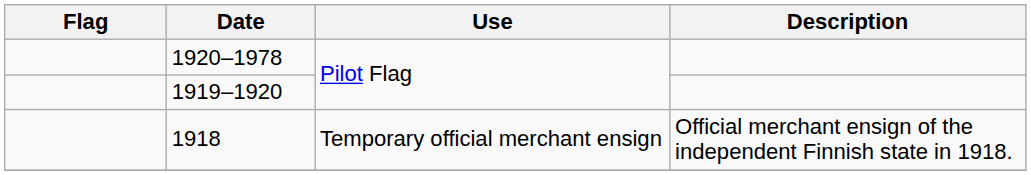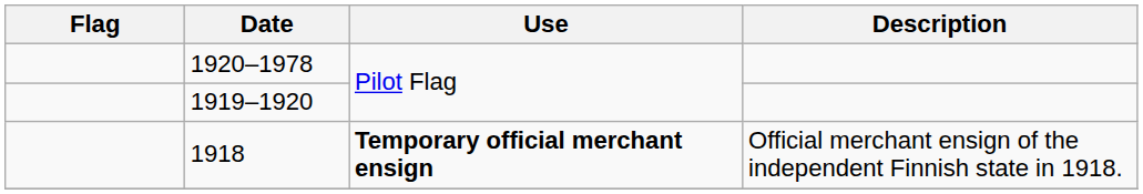 <table class="wikitable">
 <tr>
 <th style="width:110px;">Flag</th>
 <th style="width:100px;">Date</th>
 <th style="width:250px;">Use</th>
 <th style="width:250px;">Description</th>
 </tr>
 <tr>
 <td></td>
 <td>1920–1978</td>
 <td rowspan="2"><a href='#'>Pilot</a> Flag</td>
 </tr>
 <tr>
 <td></td>
 <td>1919–1920</td>
 <td></td>
 </tr>
 <tr>
 <td></td>
 <td>1918</td>
-<td>Temporary official merchant ensign</td>
+<td><strong>Temporary official merchant ensign</strong></td>
 <td>Official merchant ensign of the independent Finnish state in 1918.</td>
 </tr>
 <tr>
 </tr>
 </table>
